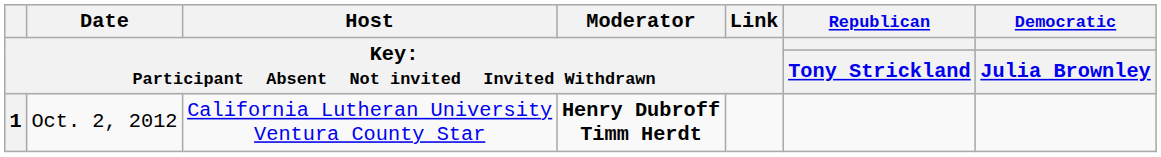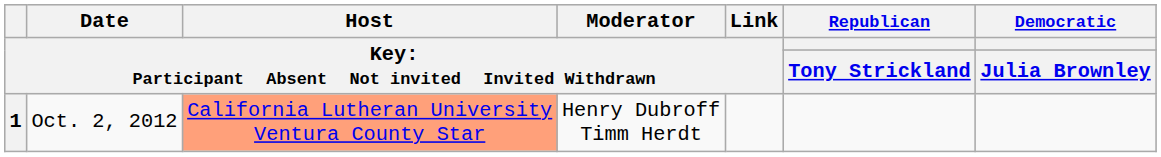 <table class="wikitable" style="text-align:center;">
 <tr>
 <th scope="col"></th>
 <th scope="col">Date</th>
 <th scope="col">Host</th>
 <th scope="col">Moderator</th>
 <th scope="col">Link</th>
 <th scope="col"><small><a href='#'>Republican</a></small></th>
 <th scope="col"><small><a href='#'>Democratic</a></small></th>
 </tr>
 <tr>
 <th colspan="5" rowspan="2">Key:<br> <small>Participant </small>  <small>Absent </small>  <small>Not invited </small>  <small>Invited  Withdrawn</small></th>
 <th scope="col" style="background:"></th>
 <th scope="col" style="background:"></th>
 </tr>
 <tr>
 <th scope="col"><a href='#'>Tony Strickland</a></th>
 <th scope="col"><a href='#'>Julia Brownley</a></th>
 </tr>
 <tr>
 <th>1</th>
 <td style="white-space:nowrap;">Oct. 2, 2012</td>
-<td style="white-space:nowrap;"><a href='#'>California Lutheran University</a><br><a href='#'>Ventura County Star</a></td>
-<td style="white-space:nowrap;"><strong>Henry Dubroff<br>Timm Herdt</strong></td>
+<td style="background: lightsalmon; white-space:nowrap;"><a href='#'>California Lutheran University</a><br><a href='#'>Ventura County Star</a></td>
+<td style="white-space:nowrap;">Henry Dubroff<br>Timm Herdt</td>
 <td style="white-space:nowrap;"></td>
 <td></td>
 <td></td>
 </tr>
 </table>
